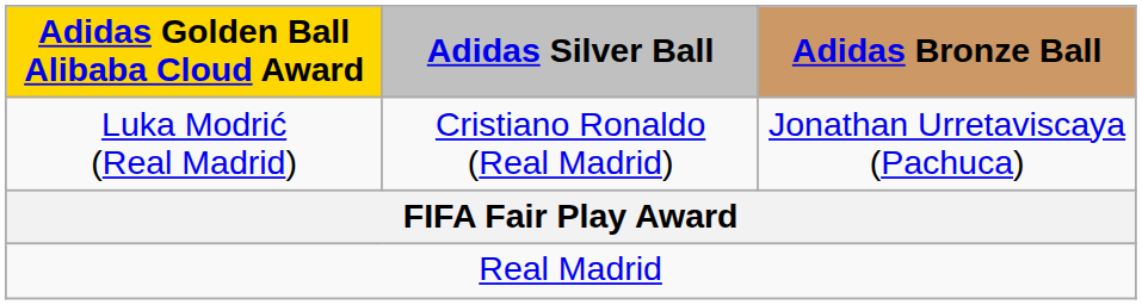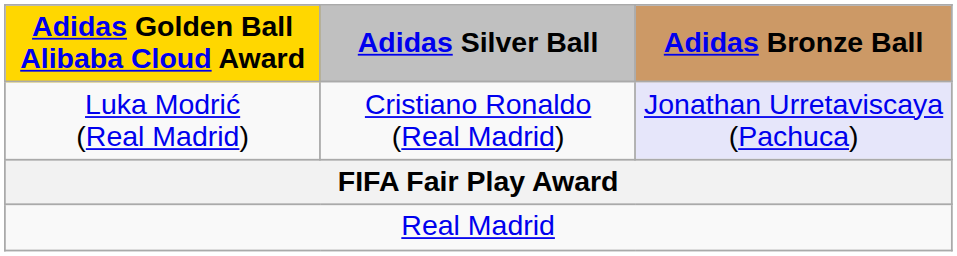 <table class="wikitable" style="text-align:center">
 <tr>
 <th style="background:gold; width:33%"><a href='#'>Adidas</a> Golden Ball<br><a href='#'>Alibaba Cloud</a> Award</th>
 <th style="background:silver; width:33%"><a href='#'>Adidas</a> Silver Ball</th>
 <th style="background:#CC9966; width:33%"><a href='#'>Adidas</a> Bronze Ball</th>
 </tr>
 <tr>
 <td> <a href='#'>Luka Modrić</a><br>(<a href='#'>Real Madrid</a>)</td>
 <td> <a href='#'>Cristiano Ronaldo</a><br>(<a href='#'>Real Madrid</a>)</td>
-<td> <a href='#'>Jonathan Urretaviscaya</a><br>(<a href='#'>Pachuca</a>)</td>
+<td style="background: lavender;"> <a href='#'>Jonathan Urretaviscaya</a><br>(<a href='#'>Pachuca</a>)</td>
 </tr>
 <tr>
 <th colspan="3">FIFA Fair Play Award</th>
 </tr>
 <tr>
 <td colspan="3"> <a href='#'>Real Madrid</a></td>
 </tr>
 </table>
